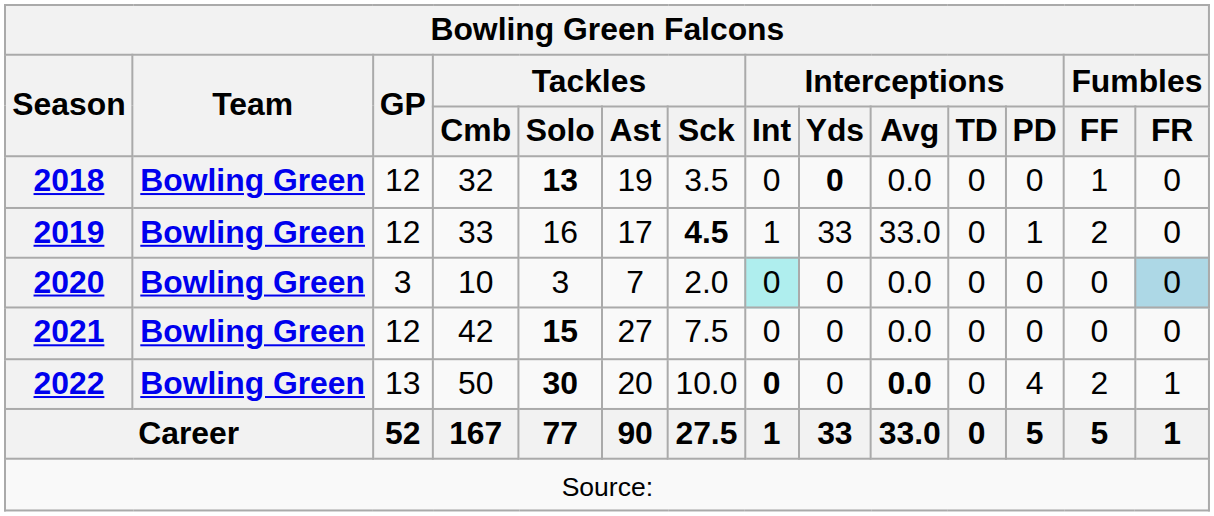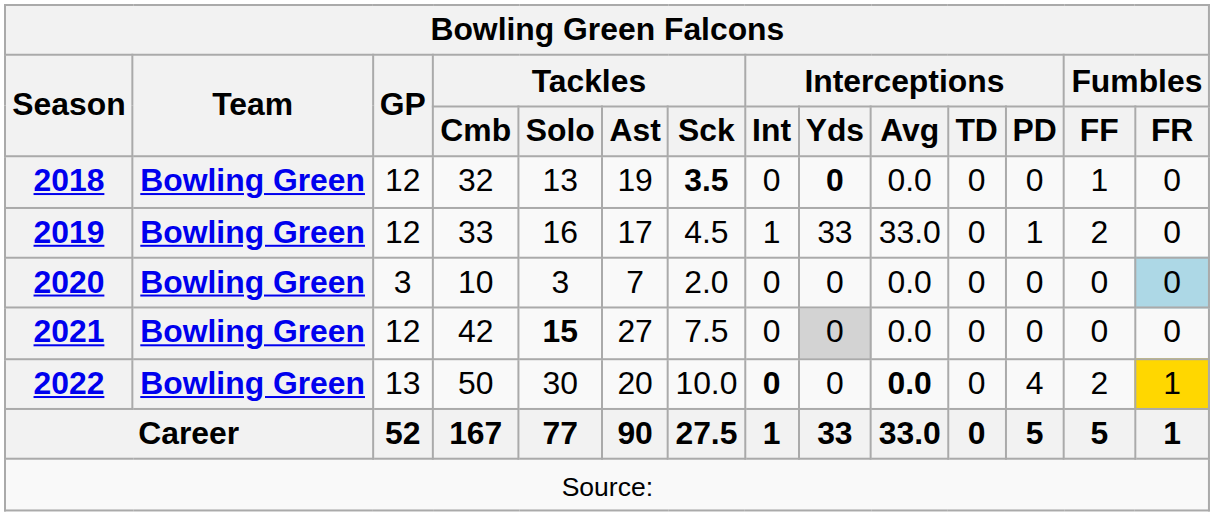 <table class="wikitable" style="text-align:center;">
 <tr>
 <th colspan="17">Bowling Green Falcons</th>
 </tr>
 <tr>
 <th rowspan="2">Season</th>
 <th rowspan="2">Team</th>
 <th rowspan="2">GP</th>
 <th colspan="4">Tackles</th>
 <th colspan="5">Interceptions</th>
 <th colspan="2">Fumbles</th>
 </tr>
 <tr>
 <th>Cmb</th>
 <th>Solo</th>
 <th>Ast</th>
 <th>Sck</th>
 <th>Int</th>
 <th>Yds</th>
 <th>Avg</th>
 <th>TD</th>
 <th>PD</th>
 <th>FF</th>
 <th>FR</th>
 </tr>
 <tr>
 <th><a href='#'>2018</a></th>
 <th><a href='#'>Bowling Green</a></th>
 <td>12</td>
 <td>32</td>
-<td><strong>13</strong></td>
+<td>13</td>
 <td>19</td>
-<td>3.5</td>
+<td><strong>3.5</strong></td>
 <td>0</td>
 <td><strong>0</strong></td>
 <td>0.0</td>
 <td>0</td>
 <td>0</td>
 <td>1</td>
 <td>0</td>
 </tr>
 <tr>
 <th><a href='#'>2019</a></th>
 <th><a href='#'>Bowling Green</a></th>
 <td>12</td>
 <td>33</td>
 <td>16</td>
 <td>17</td>
-<td><strong>4.5</strong></td>
+<td>4.5</td>
 <td>1</td>
 <td>33</td>
 <td>33.0</td>
 <td>0</td>
 <td>1</td>
 <td>2</td>
 <td>0</td>
 </tr>
 <tr>
 <th><a href='#'>2020</a></th>
 <th><a href='#'>Bowling Green</a></th>
 <td>3</td>
 <td>10</td>
 <td>3</td>
 <td>7</td>
 <td>2.0</td>
-<td style="background: paleturquoise;">0</td>
+<td>0</td>
 <td>0</td>
 <td>0.0</td>
 <td>0</td>
 <td>0</td>
 <td>0</td>
 <td style="background: lightblue;">0</td>
 </tr>
 <tr>
 <th><a href='#'>2021</a></th>
 <th><a href='#'>Bowling Green</a></th>
 <td>12</td>
 <td>42</td>
 <td><strong>15</strong></td>
 <td>27</td>
 <td>7.5</td>
 <td>0</td>
-<td>0</td>
+<td style="background: lightgrey;">0</td>
 <td>0.0</td>
 <td>0</td>
 <td>0</td>
 <td>0</td>
 <td>0</td>
 </tr>
 <tr>
 <th><a href='#'>2022</a></th>
 <th><a href='#'>Bowling Green</a></th>
 <td>13</td>
 <td>50</td>
-<td><strong>30</strong></td>
+<td>30</td>
 <td>20</td>
 <td>10.0</td>
 <td><strong>0</strong></td>
 <td>0</td>
 <td><strong>0.0</strong></td>
 <td>0</td>
 <td>4</td>
 <td>2</td>
-<td>1</td>
+<td style="background: gold;">1</td>
 </tr>
 <tr>
 <th colspan="2">Career</th>
 <th>52</th>
 <th>167</th>
 <th>77</th>
 <th>90</th>
 <th>27.5</th>
 <th>1</th>
 <th>33</th>
 <th>33.0</th>
 <th>0</th>
 <th>5</th>
 <th>5</th>
 <th>1</th>
 </tr>
 <tr>
 <td colspan="14"><small>Source: </small></td>
 </tr>
 </table>
